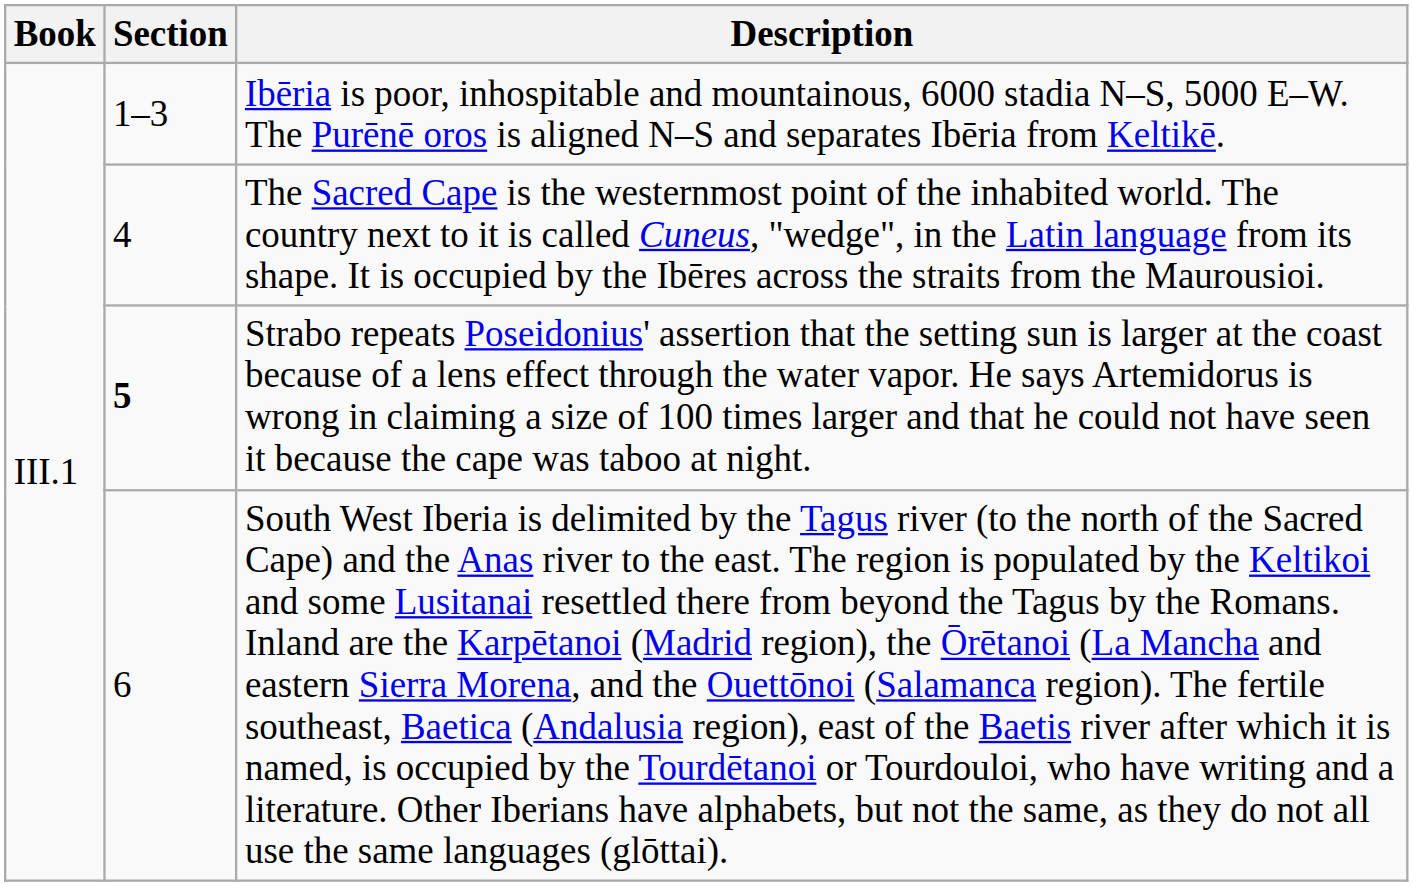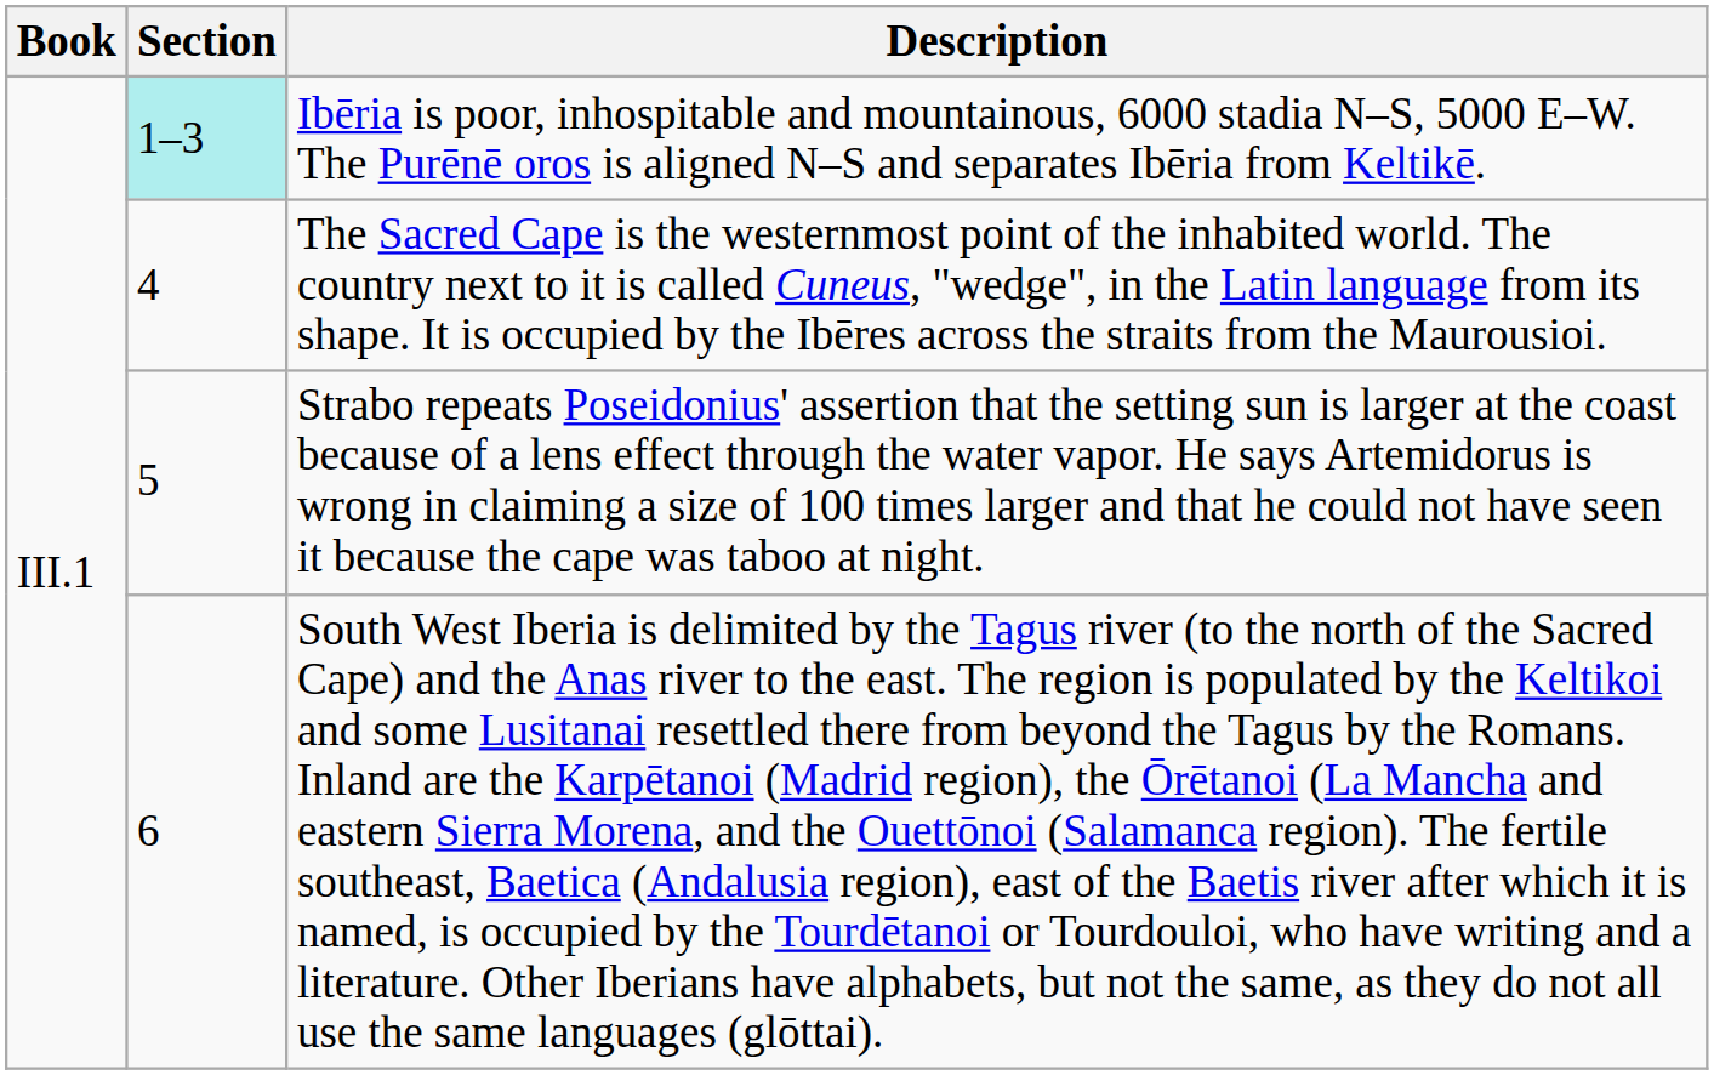 <table class="wikitable" style="max-width:45em;">
 <tr>
 <th>Book</th>
 <th>Section</th>
 <th>Description</th>
 </tr>
 <tr>
 <td rowspan="4">III.1</td>
-<td>1–3</td>
+<td style="background: paleturquoise;">1–3</td>
 <td><a href='#'>Ibēria</a> is poor, inhospitable and mountainous, 6000 stadia N–S, 5000 E–W. The <a href='#'>Purēnē oros</a> is aligned N–S and separates Ibēria from <a href='#'>Keltikē</a>.</td>
 </tr>
 <tr>
 <td>4</td>
 <td>The <a href='#'>Sacred Cape</a> is the westernmost point of the inhabited world. The country next to it is called <em><a href='#'>Cuneus</a></em>, "wedge", in the <a href='#'>Latin language</a> from its shape. It is occupied by the Ibēres across the straits from the Maurousioi.</td>
 </tr>
 <tr>
-<td><strong>5</strong></td>
+<td>5</td>
 <td>Strabo repeats <a href='#'>Poseidonius</a>' assertion that the setting sun is larger at the coast because of a lens effect through the water vapor. He says Artemidorus is wrong in claiming a size of 100 times larger and that he could not have seen it because the cape was taboo at night.</td>
 </tr>
 <tr>
 <td>6</td>
 <td>South West Iberia is delimited by the <a href='#'>Tagus</a> river (to the north of the Sacred Cape) and the <a href='#'>Anas</a> river to the east. The region is populated by the <a href='#'>Keltikoi</a> and some <a href='#'>Lusitanai</a> resettled there from beyond the Tagus by the Romans. Inland are the <a href='#'>Karpētanoi</a> (<a href='#'>Madrid</a> region), the <a href='#'>Ōrētanoi</a> (<a href='#'>La Mancha</a> and eastern <a href='#'>Sierra Morena</a>, and the <a href='#'>Ouettōnoi</a> (<a href='#'>Salamanca</a> region). The fertile southeast, <a href='#'>Baetica</a> (<a href='#'>Andalusia</a> region), east of the <a href='#'>Baetis</a> river after which it is named, is occupied by the <a href='#'>Tourdētanoi</a> or Tourdouloi, who have writing and a literature. Other Iberians have alphabets, but not the same, as they do not all use the same languages (glōttai).</td>
 </tr>
 </table>
